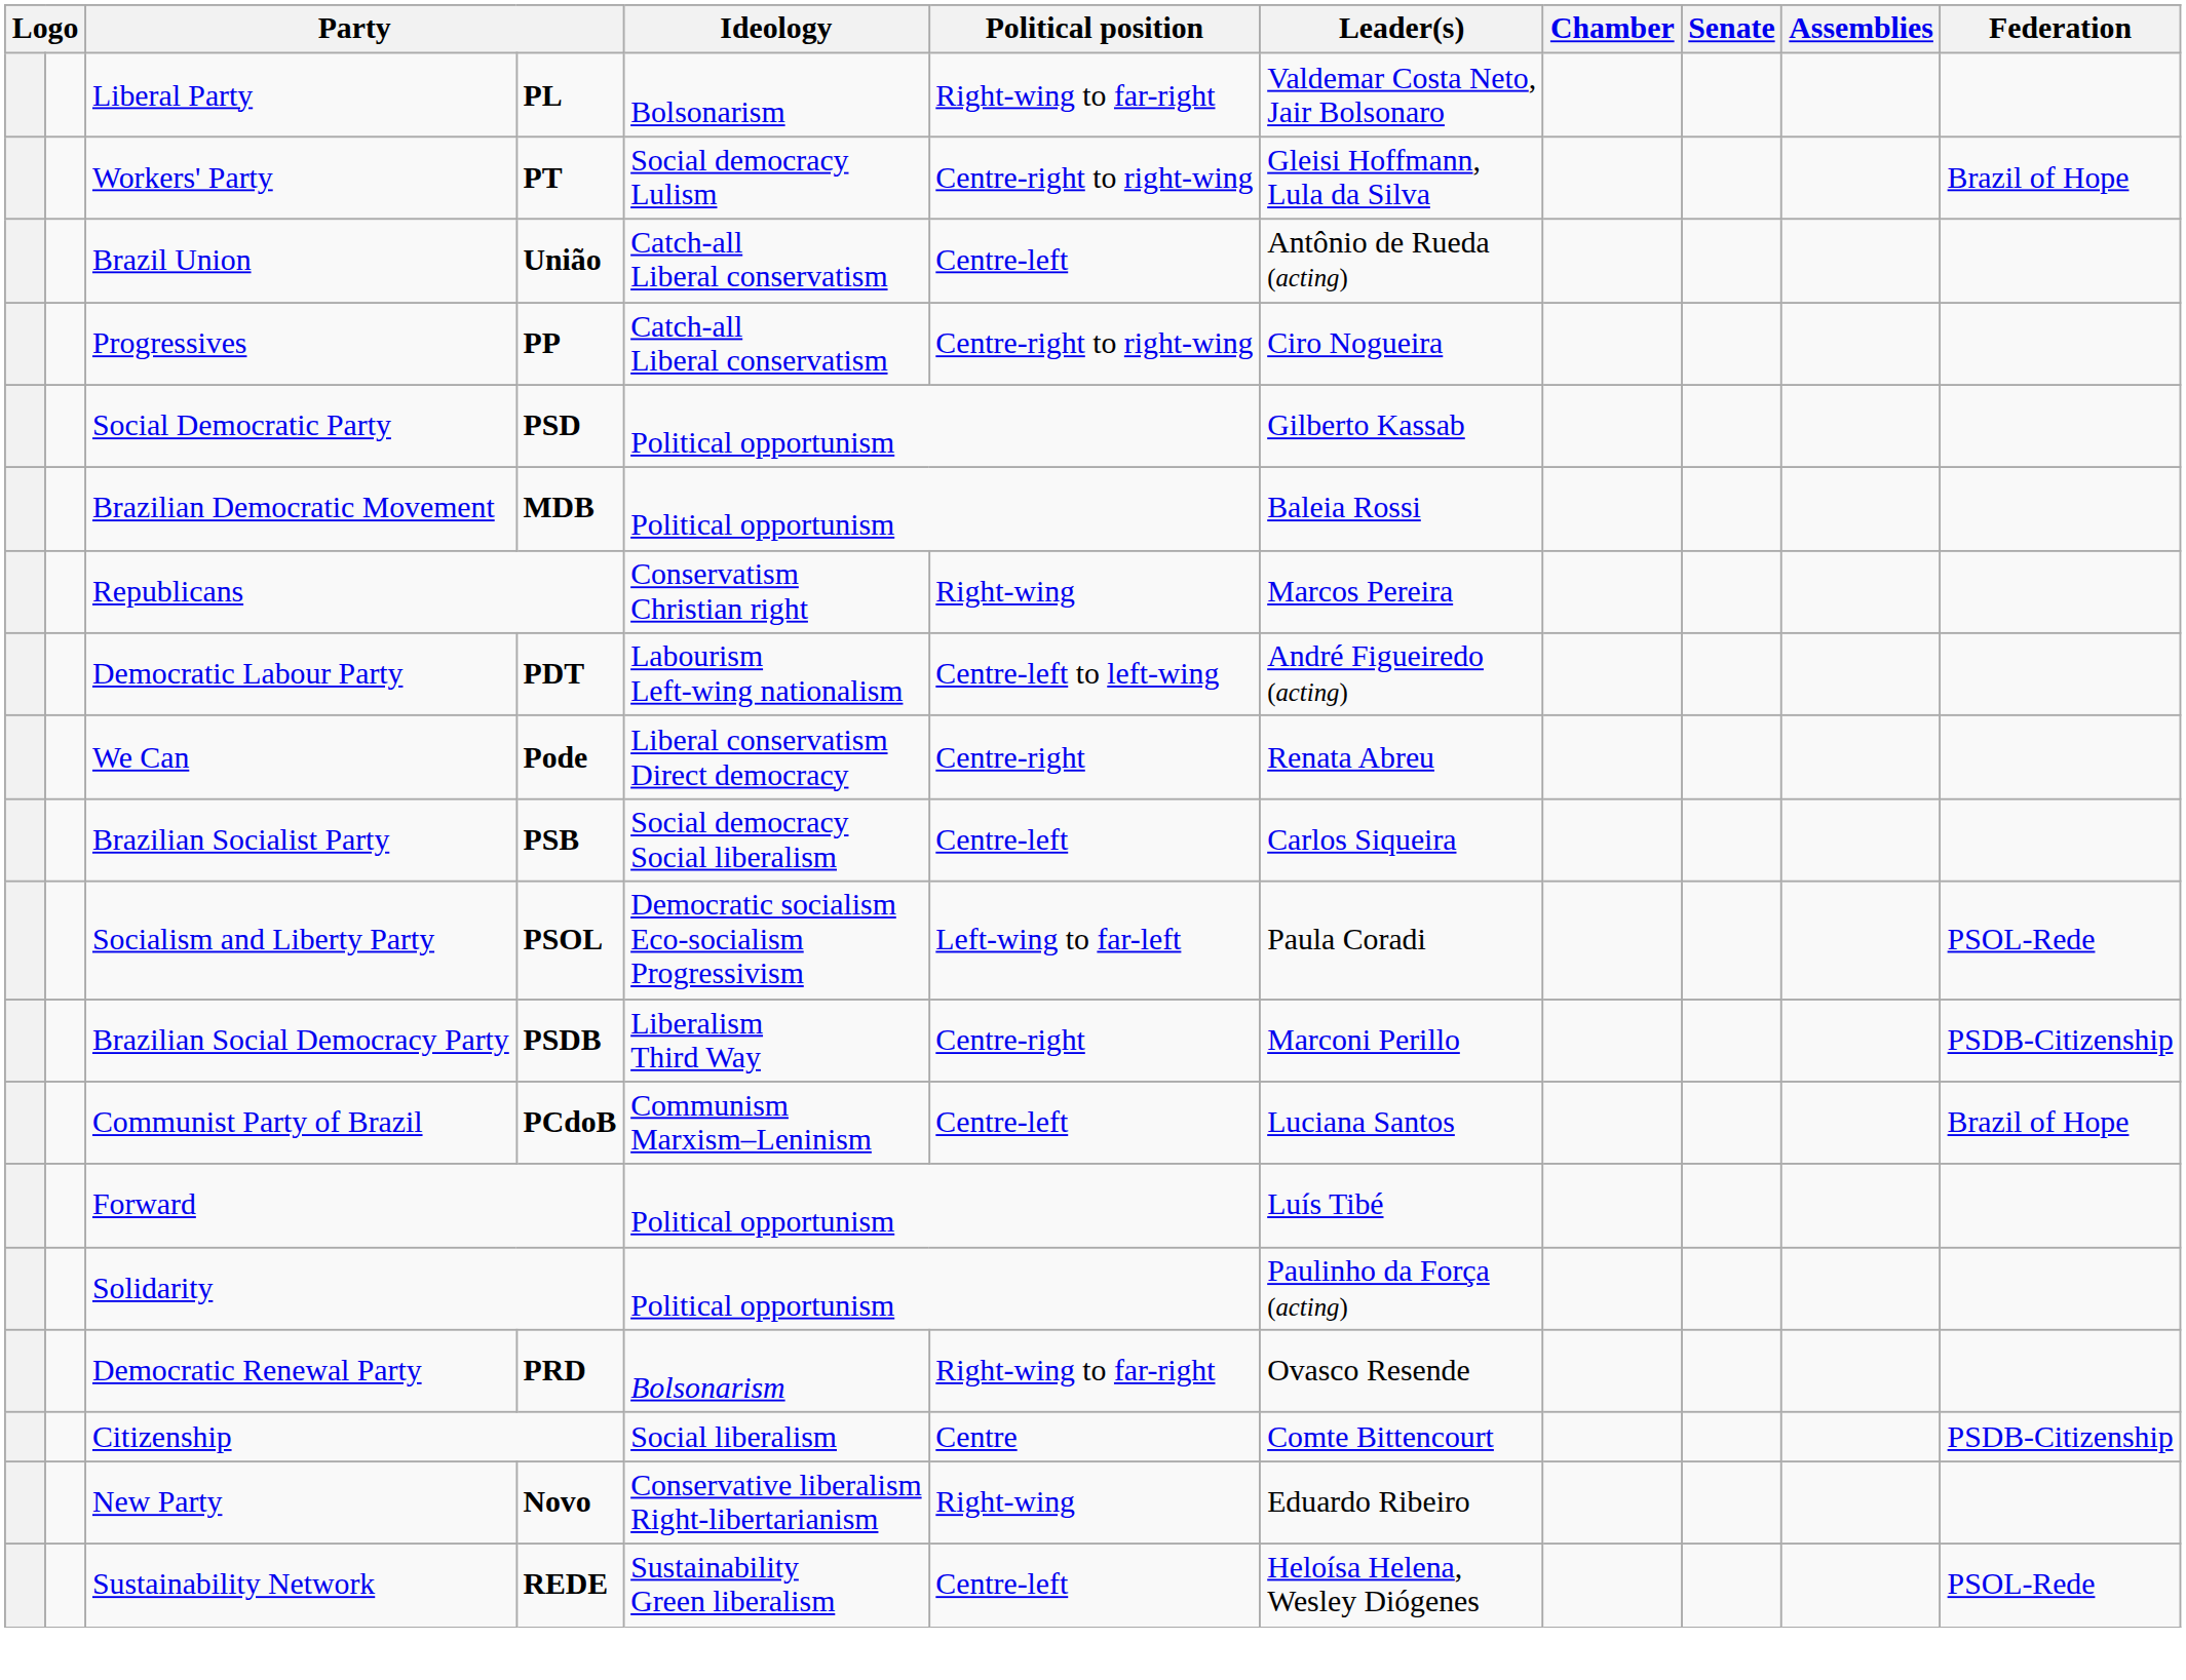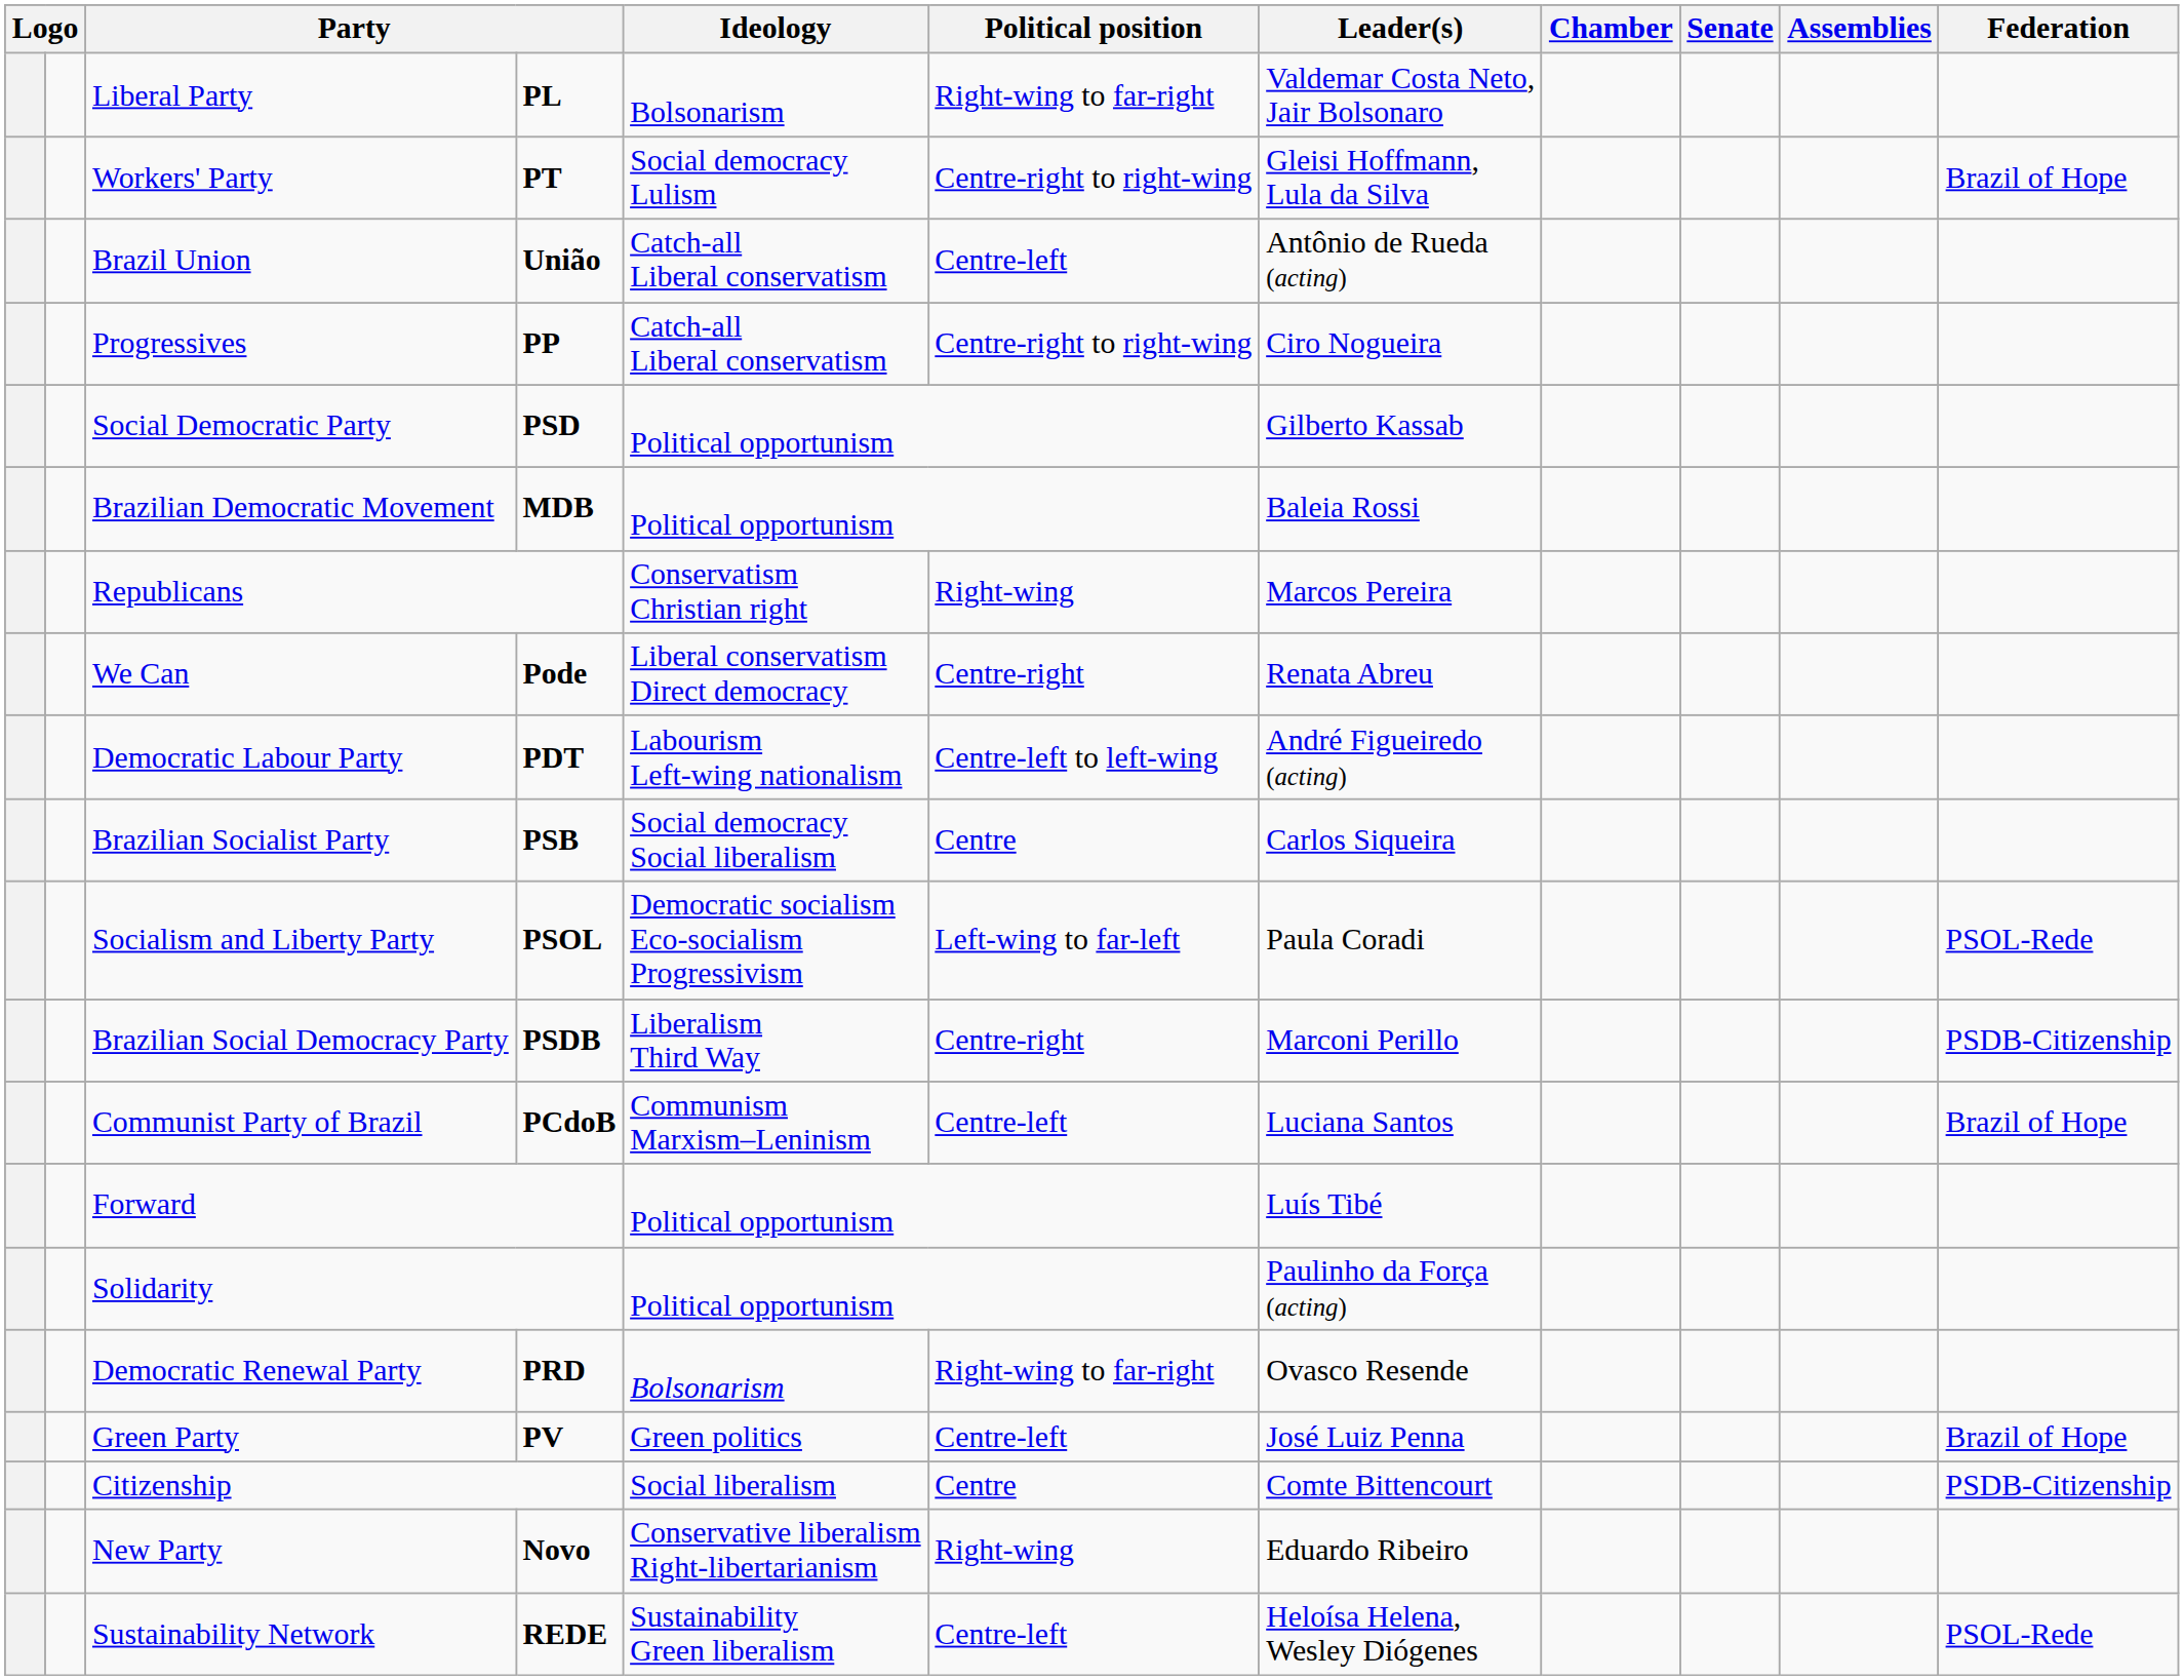 <table class="wikitable sortable">
 <tr>
 <th colspan=2 class=unsortable>Logo</th>
 <th colspan=2>Party</th>
 <th class=unsortable>Ideology</th>
 <th>Political position</th>
 <th>Leader(s)</th>
 <th><a href='#'>Chamber</a></th>
 <th><a href='#'>Senate</a></th>
 <th><a href='#'>Assemblies</a></th>
 <th>Federation</th>
 </tr>
 <tr>
 <th style="background-color: "></th>
 <td></td>
 <td><a href='#'>Liberal Party</a><br><small></small></td>
 <td><strong>PL</strong></td>
 <td><br><a href='#'>Bolsonarism</a></td>
 <td><a href='#'>Right-wing</a> to <a href='#'>far-right</a></td>
 <td><a href='#'>Valdemar Costa Neto</a>,<br><a href='#'>Jair Bolsonaro</a></td>
 <td></td>
 <td></td>
 <td></td>
 <td></td>
 </tr>
 <tr>
 <th style="background-color: "></th>
 <td></td>
 <td><a href='#'>Workers' Party</a><br><small></small></td>
 <td><strong>PT</strong></td>
 <td><a href='#'>Social democracy</a><br><a href='#'>Lulism</a></td>
 <td><a href='#'>Centre-right</a> to <a href='#'>right-wing</a></td>
 <td><a href='#'>Gleisi Hoffmann</a>,<br><a href='#'>Lula da Silva</a></td>
 <td></td>
 <td></td>
 <td></td>
 <td><a href='#'>Brazil of Hope</a></td>
 </tr>
 <tr>
 <th style="background-color: "></th>
 <td></td>
 <td><a href='#'>Brazil Union</a><br><small></small></td>
 <td><strong>União</strong></td>
 <td><a href='#'>Catch-all</a><br><a href='#'>Liberal conservatism</a></td>
 <td><a href='#'>Centre-left</a></td>
 <td>Antônio de Rueda<br><small>(<em>acting</em>)</small></td>
 <td></td>
 <td></td>
 <td></td>
 <td></td>
 </tr>
 <tr>
 <th style="background-color: "></th>
 <td></td>
 <td><a href='#'>Progressives</a><br><small></small></td>
 <td><strong>PP</strong></td>
 <td><a href='#'>Catch-all</a><br><a href='#'>Liberal conservatism</a></td>
 <td><a href='#'>Centre-right</a> to <a href='#'>right-wing</a></td>
 <td><a href='#'>Ciro Nogueira</a></td>
 <td></td>
 <td></td>
 <td></td>
 <td></td>
 </tr>
 <tr>
 <th style="background-color: "></th>
 <td></td>
 <td><a href='#'>Social Democratic Party</a><br><small></small></td>
 <td><strong>PSD</strong></td>
 <td colspan="2"><br><a href='#'>Political opportunism</a></td>
 <td><a href='#'>Gilberto Kassab</a></td>
 <td></td>
 <td></td>
 <td></td>
 <td></td>
 </tr>
 <tr>
 <th style="background-color: "></th>
 <td></td>
 <td><a href='#'>Brazilian Democratic Movement</a><br><small></small></td>
 <td><strong>MDB</strong></td>
 <td colspan="2"><br><a href='#'>Political opportunism</a></td>
 <td><a href='#'>Baleia Rossi</a></td>
 <td></td>
 <td></td>
 <td></td>
 <td></td>
 </tr>
 <tr>
 <th style="background-color: "></th>
 <td></td>
 <td colspan=2><a href='#'>Republicans</a><br><small></small></td>
 <td><a href='#'>Conservatism</a><br><a href='#'>Christian right</a></td>
 <td><a href='#'>Right-wing</a></td>
 <td><a href='#'>Marcos Pereira</a></td>
 <td></td>
 <td></td>
 <td></td>
 <td></td>
 </tr>
 <tr>
 <th style="background-color: "></th>
 <td></td>
+<td><a href='#'>We Can</a><br><small></small></td>
+<td><strong>Pode</strong></td>
+<td><a href='#'>Liberal conservatism</a><br><a href='#'>Direct democracy</a></td>
+<td><a href='#'>Centre-right</a></td>
+<td><a href='#'>Renata Abreu</a></td>
+<td></td>
+<td></td>
+<td></td>
+<td></td>
+</tr>
+<tr>
+<th style="background-color: "></th>
+<td></td>
 <td><a href='#'>Democratic Labour Party</a><br><small></small></td>
 <td><strong>PDT</strong></td>
 <td><a href='#'>Labourism</a><br><a href='#'>Left-wing nationalism</a></td>
 <td><a href='#'>Centre-left</a> to <a href='#'>left-wing</a></td>
 <td><a href='#'>André Figueiredo</a><br><small>(<em>acting</em>)</small></td>
 <td></td>
 <td></td>
 <td></td>
 <td></td>
 </tr>
 <tr>
 <th style="background-color: "></th>
 <td></td>
-<td><a href='#'>We Can</a><br><small></small></td>
-<td><strong>Pode</strong></td>
-<td><a href='#'>Liberal conservatism</a><br><a href='#'>Direct democracy</a></td>
-<td><a href='#'>Centre-right</a></td>
-<td><a href='#'>Renata Abreu</a></td>
-<td></td>
-<td></td>
-<td></td>
-<td></td>
-</tr>
-<tr>
-<th style="background-color: "></th>
-<td></td>
 <td><a href='#'>Brazilian Socialist Party</a><br><small></small></td>
 <td><strong>PSB</strong></td>
 <td><a href='#'>Social democracy</a><br><a href='#'>Social liberalism</a></td>
-<td><a href='#'>Centre-left</a></td>
+<td><a href='#'>Centre</a></td>
 <td><a href='#'>Carlos Siqueira</a></td>
 <td></td>
 <td></td>
 <td></td>
 <td></td>
 </tr>
 <tr>
 <th style="background-color: "></th>
 <td></td>
 <td><a href='#'>Socialism and Liberty Party</a><br><small></small></td>
 <td><strong>PSOL</strong></td>
 <td><a href='#'>Democratic socialism</a><br><a href='#'>Eco-socialism</a><br><a href='#'>Progressivism</a></td>
 <td><a href='#'>Left-wing</a> to <a href='#'>far-left</a></td>
 <td>Paula Coradi</td>
 <td></td>
 <td></td>
 <td></td>
 <td><a href='#'>PSOL-Rede</a></td>
 </tr>
 <tr>
 <th style="background-color: "></th>
 <td></td>
 <td><a href='#'>Brazilian Social Democracy Party</a><br><small></small></td>
 <td><strong>PSDB</strong></td>
 <td><a href='#'>Liberalism</a><br><a href='#'>Third Way</a></td>
 <td><a href='#'>Centre-right</a></td>
 <td><a href='#'>Marconi Perillo</a></td>
 <td></td>
 <td></td>
 <td></td>
 <td><a href='#'>PSDB-Citizenship</a></td>
 </tr>
 <tr>
 <th style="background-color: "></th>
 <td></td>
 <td><a href='#'>Communist Party of Brazil</a><br><small></small></td>
 <td><strong>PCdoB</strong></td>
 <td><a href='#'>Communism</a><br><a href='#'>Marxism–Leninism</a></td>
 <td><a href='#'>Centre-left</a></td>
 <td><a href='#'>Luciana Santos</a></td>
 <td></td>
 <td></td>
 <td></td>
 <td><a href='#'>Brazil of Hope</a></td>
 </tr>
 <tr>
 <th style="background-color: "></th>
 <td></td>
 <td colspan=2><a href='#'>Forward</a><br><small></small></td>
 <td colspan="2"><br><a href='#'>Political opportunism</a></td>
 <td><a href='#'>Luís Tibé</a></td>
 <td></td>
 <td></td>
 <td></td>
 <td></td>
 </tr>
 <tr>
 <th style="background-color: "></th>
 <td></td>
 <td colspan=2><a href='#'>Solidarity</a><br><small></small></td>
 <td colspan="2"><br><a href='#'>Political opportunism</a></td>
 <td><a href='#'>Paulinho da Força</a><br><small>(<em>acting</em>)</small></td>
 <td></td>
 <td></td>
 <td></td>
 <td></td>
 </tr>
 <tr>
 <th style="background-color: "></th>
 <td></td>
 <td><a href='#'>Democratic Renewal Party</a><br><small></small></td>
 <td><strong>PRD</strong></td>
 <td><br><em><a href='#'>Bolsonarism</a></em></td>
 <td><a href='#'>Right-wing</a> to <a href='#'>far-right</a></td>
 <td>Ovasco Resende</td>
 <td></td>
 <td></td>
 <td></td>
 <td></td>
 </tr>
 <tr>
 <th style="background-color: "></th>
 <td></td>
+<td><a href='#'>Green Party</a><br><small></small></td>
+<td><strong>PV</strong></td>
+<td><a href='#'>Green politics</a></td>
+<td><a href='#'>Centre-left</a></td>
+<td><a href='#'>José Luiz Penna</a></td>
+<td></td>
+<td></td>
+<td></td>
+<td><a href='#'>Brazil of Hope</a></td>
+</tr>
+<tr>
+<th style="background-color: "></th>
+<td></td>
 <td colspan=2><a href='#'>Citizenship</a><br><small></small></td>
 <td><a href='#'>Social liberalism</a></td>
 <td><a href='#'>Centre</a></td>
 <td><a href='#'>Comte Bittencourt</a></td>
 <td></td>
 <td></td>
 <td></td>
 <td><a href='#'>PSDB-Citizenship</a></td>
 </tr>
 <tr>
 <th style="background-color: "></th>
 <td></td>
 <td><a href='#'>New Party</a><br><small></small></td>
 <td><strong>Novo</strong></td>
 <td><a href='#'>Conservative liberalism</a><br><a href='#'>Right-libertarianism</a></td>
 <td><a href='#'>Right-wing</a></td>
 <td>Eduardo Ribeiro</td>
 <td></td>
 <td></td>
 <td></td>
 <td></td>
 </tr>
 <tr>
 <th style="background-color: "></th>
 <td></td>
 <td><a href='#'>Sustainability Network</a><br><small></small></td>
 <td><strong>REDE</strong></td>
 <td><a href='#'>Sustainability</a><br><a href='#'>Green liberalism</a></td>
 <td><a href='#'>Centre-left</a></td>
 <td><a href='#'>Heloísa Helena</a>,<br>Wesley Diógenes</td>
 <td></td>
 <td></td>
 <td></td>
 <td><a href='#'>PSOL-Rede</a></td>
 </tr>
 </table>
